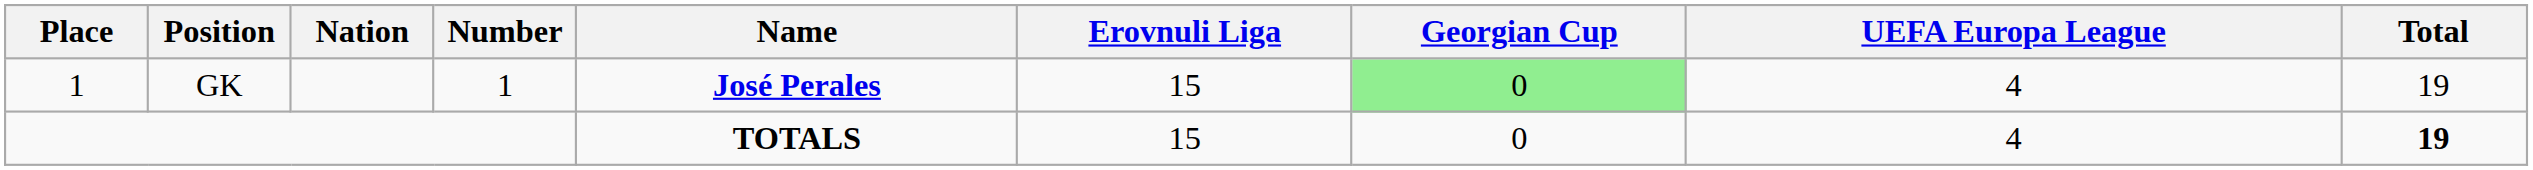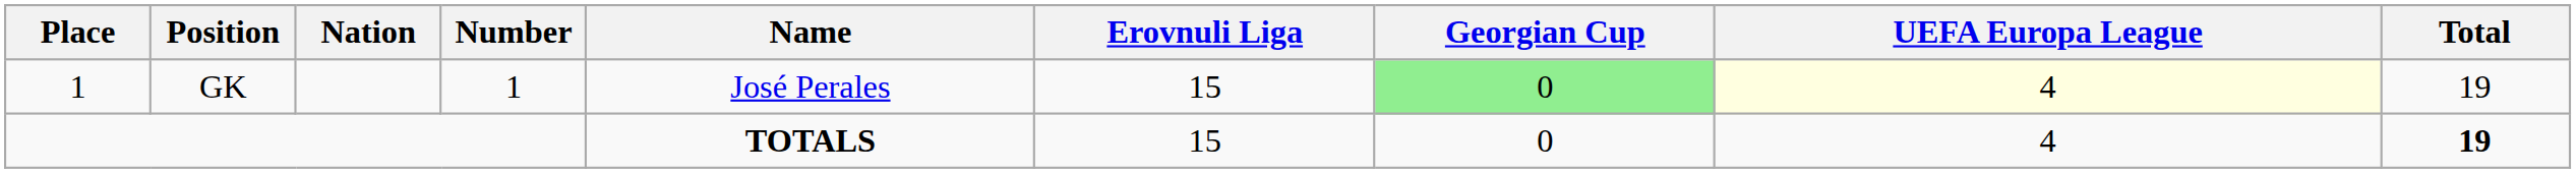 <table class="wikitable" style="font-size: 95%; text-align: center;">
 <tr>
 <th width=60>Place</th>
 <th width=60>Position</th>
 <th width=60>Nation</th>
 <th width=60>Number</th>
 <th width=200>Name</th>
 <th width=150><a href='#'>Erovnuli Liga</a></th>
 <th width=150><a href='#'>Georgian Cup</a></th>
 <th width=300><a href='#'>UEFA Europa League</a></th>
 <th width=80>Total</th>
 </tr>
 <tr>
 <td>1</td>
 <td>GK</td>
 <td></td>
 <td>1</td>
-<td><strong><a href='#'>José Perales</a></strong></td>
+<td><a href='#'>José Perales</a></td>
 <td>15</td>
 <td style="background: lightgreen;">0</td>
-<td>4</td>
+<td style="background: lightyellow;">4</td>
 <td>19</td>
 </tr>
 <tr>
 <td colspan="4"></td>
 <td><strong>TOTALS</strong></td>
 <td>15</td>
 <td>0</td>
 <td>4</td>
 <td><strong>19</strong></td>
 </tr>
 </table>
